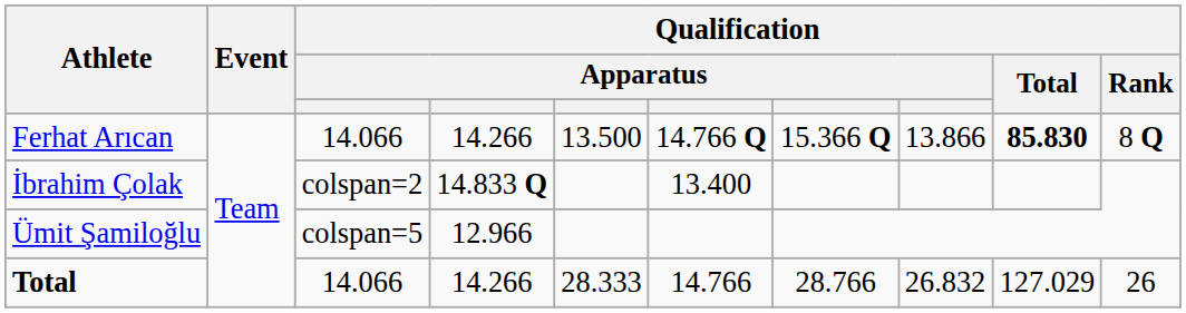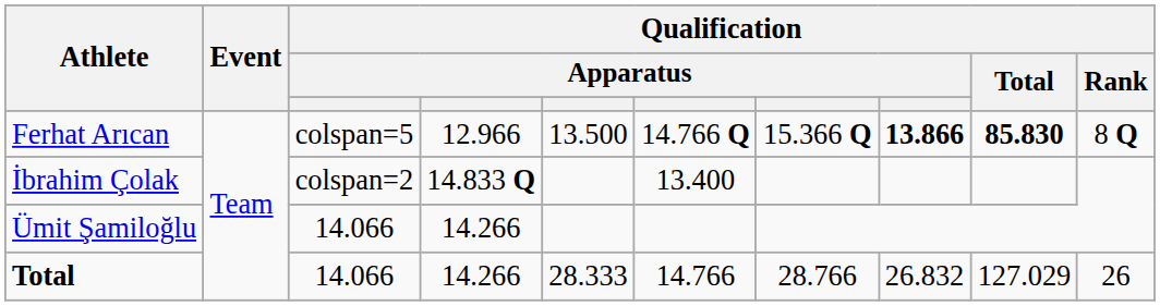 <table class="wikitable" style="font-size:90%">
 <tr>
 <th rowspan=3>Athlete</th>
 <th rowspan=3>Event</th>
 <th colspan =8>Qualification</th>
 </tr>
 <tr style="font-size:95%">
 <th colspan=6>Apparatus</th>
 <th rowspan=2>Total</th>
 <th rowspan=2>Rank</th>
 </tr>
 <tr style="font-size:95%">
 <th></th>
 <th></th>
 <th></th>
 <th></th>
 <th></th>
 <th></th>
 </tr>
 <tr align=center>
 <td align=left><a href='#'>Ferhat Arıcan</a></td>
 <td align=left rowspan=4><a href='#'>Team</a></td>
-<td>14.066</td>
-<td>14.266</td>
+<td>colspan=5 </td>
+<td>12.966</td>
 <td>13.500</td>
 <td>14.766 <strong>Q</strong></td>
 <td>15.366 <strong>Q</strong></td>
-<td>13.866</td>
+<td><strong>13.866</strong></td>
 <td><strong>85.830</strong></td>
 <td>8 <strong>Q</strong></td>
 </tr>
 <tr align=center>
 <td align=left><a href='#'>İbrahim Çolak</a></td>
 <td>colspan=2 </td>
 <td>14.833 <strong>Q</strong></td>
 <td></td>
 <td>13.400</td>
 <td></td>
 <td></td>
 <td></td>
 </tr>
 <tr align=center>
 <td align=left><a href='#'>Ümit Şamiloğlu</a></td>
-<td>colspan=5 </td>
-<td>12.966</td>
+<td>14.066</td>
+<td>14.266</td>
 <td></td>
 <td></td>
 </tr>
 <tr align=center>
 <td align=left><strong>Total</strong></td>
 <td>14.066</td>
 <td>14.266</td>
 <td>28.333</td>
 <td>14.766</td>
 <td>28.766</td>
 <td>26.832</td>
 <td>127.029</td>
 <td>26</td>
 </tr>
 </table>
